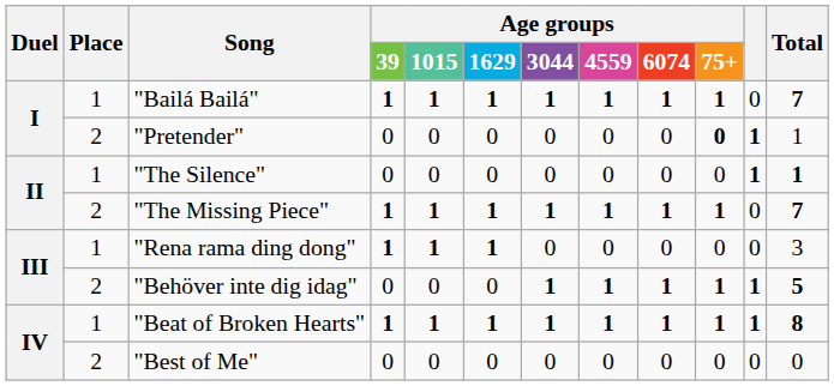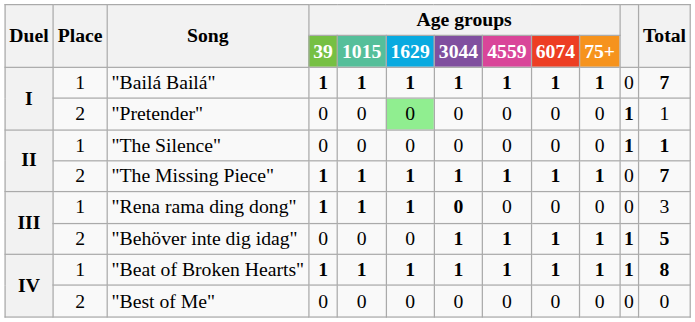 <table class="wikitable" style="margin: 1em auto 1em auto; text-align:center;">
 <tr>
 <th rowspan="2">Duel</th>
 <th rowspan="2">Place</th>
 <th rowspan="2">Song</th>
 <th colspan="7">Age groups</th>
 <th rowspan="2"></th>
 <th rowspan="2">Total</th>
 </tr>
 <tr>
 <th style="background:#76C043;color:white;">39</th>
 <th style="background:#55BF9A;color:white;">1015</th>
 <th style="background:#09AAE0;color:white;">1629</th>
 <th style="background:#804F9F;color:white;">3044</th>
 <th style="background:#D94599;color:white;">4559</th>
 <th style="background:#ED3E23;color:white;">6074</th>
 <th style="background:#F6931D;color:white;">75+</th>
 </tr>
 <tr>
 <th rowspan="2">I</th>
 <td>1</td>
 <td style="text-align:left;">"Bailá Bailá"</td>
 <td><strong>1</strong></td>
 <td><strong>1</strong></td>
 <td><strong>1</strong></td>
 <td><strong>1</strong></td>
 <td><strong>1</strong></td>
 <td><strong>1</strong></td>
 <td><strong>1</strong></td>
 <td>0</td>
 <td><strong>7</strong></td>
 </tr>
 <tr>
 <td>2</td>
 <td style="text-align:left;">"Pretender"</td>
 <td>0</td>
 <td>0</td>
+<td style="background: lightgreen;">0</td>
 <td>0</td>
 <td>0</td>
 <td>0</td>
 <td>0</td>
-<td><strong>0</strong></td>
 <td><strong>1</strong></td>
 <td>1</td>
 </tr>
 <tr>
 <th rowspan="2">II</th>
 <td>1</td>
 <td style="text-align:left;">"The Silence"</td>
 <td>0</td>
 <td>0</td>
 <td>0</td>
 <td>0</td>
 <td>0</td>
 <td>0</td>
 <td>0</td>
 <td><strong>1</strong></td>
 <td><strong>1</strong></td>
 </tr>
 <tr>
 <td>2</td>
 <td style="text-align:left;">"The Missing Piece"</td>
 <td><strong>1</strong></td>
 <td><strong>1</strong></td>
 <td><strong>1</strong></td>
 <td><strong>1</strong></td>
 <td><strong>1</strong></td>
 <td><strong>1</strong></td>
 <td><strong>1</strong></td>
 <td>0</td>
 <td><strong>7</strong></td>
 </tr>
 <tr>
 <th rowspan="2">III</th>
 <td>1</td>
 <td style="text-align:left;">"Rena rama ding dong"</td>
 <td><strong>1</strong></td>
 <td><strong>1</strong></td>
 <td><strong>1</strong></td>
-<td>0</td>
+<td><strong>0</strong></td>
 <td>0</td>
 <td>0</td>
 <td>0</td>
 <td>0</td>
 <td>3</td>
 </tr>
 <tr>
 <td>2</td>
 <td style="text-align:left;">"Behöver inte dig idag"</td>
 <td>0</td>
 <td>0</td>
 <td>0</td>
 <td><strong>1</strong></td>
 <td><strong>1</strong></td>
 <td><strong>1</strong></td>
 <td><strong>1</strong></td>
 <td><strong>1</strong></td>
 <td><strong>5</strong></td>
 </tr>
 <tr>
 <th rowspan="2">IV</th>
 <td>1</td>
 <td style="text-align:left;">"Beat of Broken Hearts"</td>
 <td><strong>1</strong></td>
 <td><strong>1</strong></td>
 <td><strong>1</strong></td>
 <td><strong>1</strong></td>
 <td><strong>1</strong></td>
 <td><strong>1</strong></td>
 <td><strong>1</strong></td>
 <td><strong>1</strong></td>
 <td><strong>8</strong></td>
 </tr>
 <tr>
 <td>2</td>
 <td style="text-align:left;">"Best of Me"</td>
 <td>0</td>
 <td>0</td>
 <td>0</td>
 <td>0</td>
 <td>0</td>
 <td>0</td>
 <td>0</td>
 <td>0</td>
 <td>0</td>
 </tr>
 </table>
